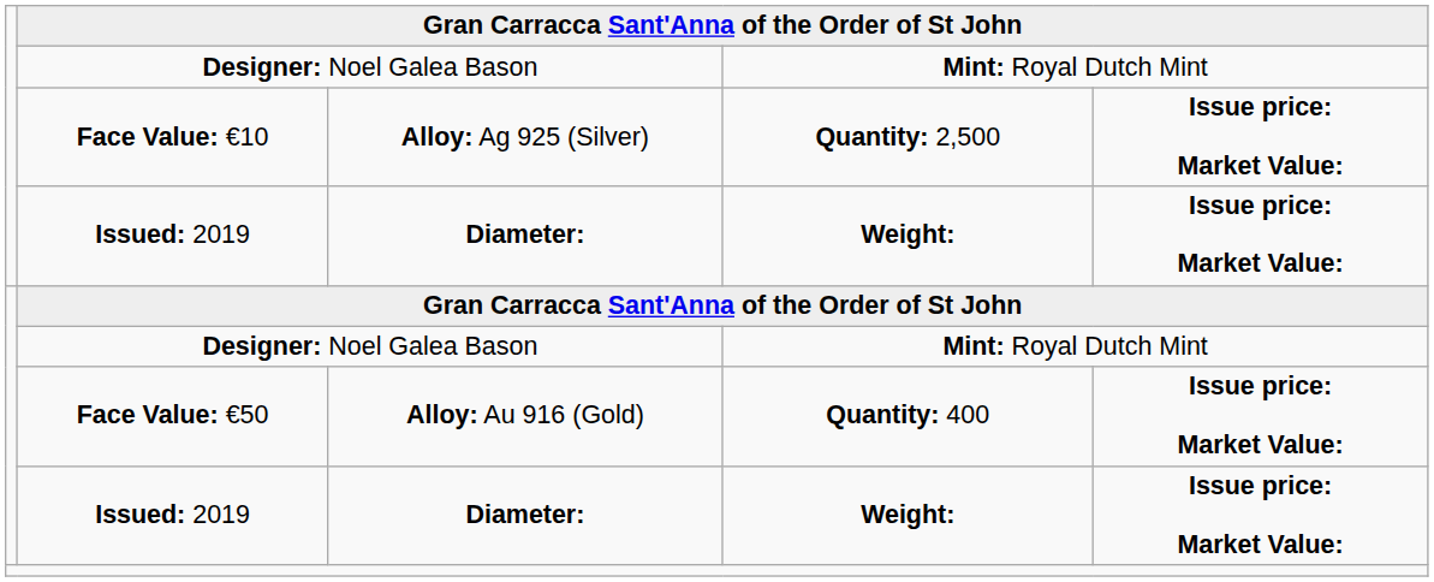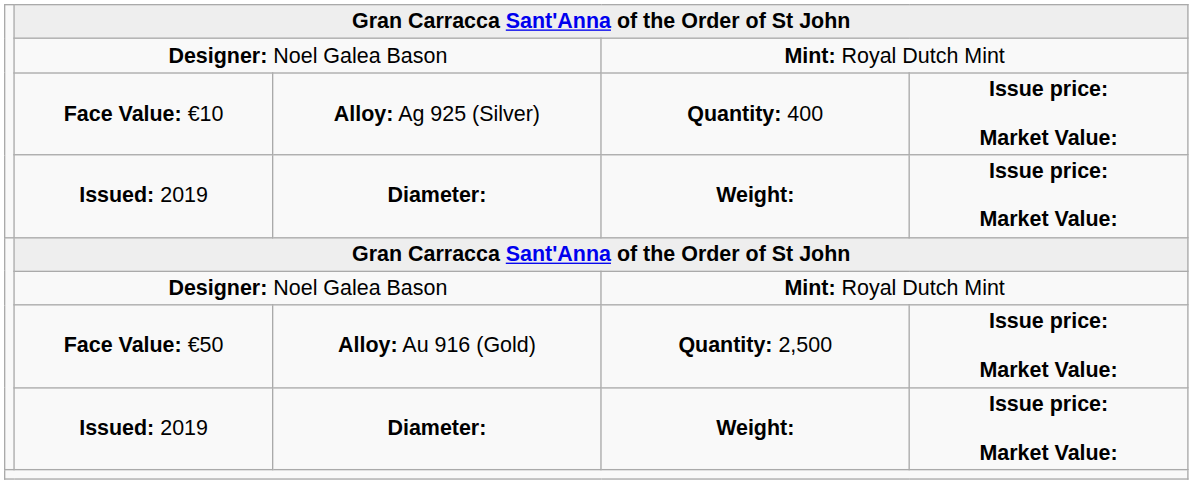 <table class="wikitable" width=100%>
 <tr>
 <td rowspan=4 width="330px" nowrap align=center></td>
 <th colspan="4" align=center style="background:#eeeeee;">Gran Carracca <a href='#'>Sant'Anna</a> of the Order of St John</th>
 </tr>
 <tr>
 <td colspan="2" width="50%" align=center><strong>Designer:</strong> Noel Galea Bason</td>
 <td colspan="2" width="50%" align=center><strong>Mint:</strong> Royal Dutch Mint</td>
 </tr>
 <tr>
 <td align=center><strong>Face Value:</strong> €10</td>
 <td align=center><strong>Alloy:</strong> Ag 925 (Silver)</td>
-<td align=center><strong>Quantity:</strong> 2,500</td>
+<td align=center><strong>Quantity:</strong> 400</td>
 <td align=center><strong>Issue price:</strong><br><br> <strong>Market Value:</strong></td>
 </tr>
 <tr>
 <td align=center><strong>Issued:</strong> 2019</td>
 <td align=center><strong>Diameter:</strong> </td>
 <td align=center><strong>Weight:</strong> </td>
 <td align=center><strong>Issue price:</strong><br><br> <strong>Market Value:</strong></td>
 </tr>
 <tr>
 <td rowspan=4 width="330px" nowrap align=center></td>
 <th colspan="4" align=center style="background:#eeeeee;">Gran Carracca <a href='#'>Sant'Anna</a> of the Order of St John</th>
 </tr>
 <tr>
 <td colspan="2" width="50%" align=center><strong>Designer:</strong> Noel Galea Bason</td>
 <td colspan="2" width="50%" align=center><strong>Mint:</strong> Royal Dutch Mint</td>
 </tr>
 <tr>
 <td align=center><strong>Face Value:</strong> €50</td>
 <td align=center><strong>Alloy:</strong> Au 916 (Gold)</td>
-<td align=center><strong>Quantity:</strong> 400</td>
+<td align=center><strong>Quantity:</strong> 2,500</td>
 <td align=center><strong>Issue price:</strong><br><br> <strong>Market Value:</strong></td>
 </tr>
 <tr>
 <td align=center><strong>Issued:</strong> 2019</td>
 <td align=center><strong>Diameter:</strong> </td>
 <td align=center><strong>Weight:</strong> </td>
 <td align=center><strong>Issue price:</strong><br><br> <strong>Market Value:</strong></td>
 </tr>
 <tr>
 <td colspan="5" align=left></td>
 </tr>
 </table>
